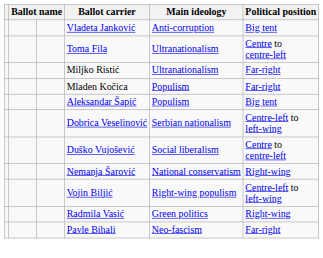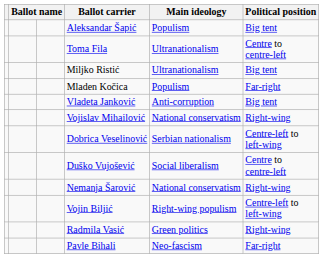 <table class="wikitable">
 <tr>
 <th></th>
 <th colspan="2">Ballot name</th>
 <th>Ballot carrier</th>
 <th>Main ideology</th>
 <th>Political position</th>
 </tr>
 <tr>
 <td></td>
 <td style="background:"></td>
 <td></td>
-<td><a href='#'>Vladeta Janković</a></td>
-<td><a href='#'>Anti-corruption</a></td>
+<td><a href='#'>Aleksandar Šapić</a></td>
+<td><a href='#'>Populism</a></td>
 <td><a href='#'>Big tent</a></td>
 </tr>
 <tr>
 <td></td>
 <td style="background:"></td>
 <td></td>
 <td><a href='#'>Toma Fila</a></td>
 <td><a href='#'>Ultranationalism</a></td>
 <td><a href='#'>Centre</a> to<br><a href='#'>centre-left</a></td>
 </tr>
 <tr>
 <td></td>
 <td style="background:"></td>
 <td></td>
 <td>Miljko Ristić</td>
 <td><a href='#'>Ultranationalism</a></td>
-<td><a href='#'>Far-right</a></td>
+<td><a href='#'>Big tent</a></td>
 </tr>
 <tr>
 <td></td>
 <td style="background:"></td>
 <td></td>
 <td>Mladen Kočica</td>
 <td><a href='#'>Populism</a></td>
 <td><a href='#'>Far-right</a></td>
 </tr>
 <tr>
 <td></td>
 <td style="background:"></td>
 <td></td>
-<td><a href='#'>Aleksandar Šapić</a></td>
-<td><a href='#'>Populism</a></td>
+<td><a href='#'>Vladeta Janković</a></td>
+<td><a href='#'>Anti-corruption</a></td>
 <td><a href='#'>Big tent</a></td>
+</tr>
+<tr>
+<td></td>
+<td style="background:"></td>
+<td></td>
+<td><a href='#'>Vojislav Mihailović</a></td>
+<td><a href='#'>National conservatism</a></td>
+<td><a href='#'>Right-wing</a></td>
 </tr>
 <tr>
 <td></td>
 <td style="background:"></td>
 <td></td>
 <td><a href='#'>Dobrica Veselinović</a></td>
 <td><a href='#'>Serbian nationalism</a></td>
 <td><a href='#'>Centre-left</a> to<br><a href='#'>left-wing</a></td>
 </tr>
 <tr>
 <td></td>
 <td style="background:"></td>
 <td></td>
 <td><a href='#'>Duško Vujošević</a></td>
 <td><a href='#'>Social liberalism</a></td>
 <td><a href='#'>Centre</a> to<br><a href='#'>centre-left</a></td>
 </tr>
 <tr>
 <td></td>
 <td style="background:"></td>
 <td></td>
 <td><a href='#'>Nemanja Šarović</a></td>
 <td><a href='#'>National conservatism</a></td>
 <td><a href='#'>Right-wing</a></td>
 </tr>
 <tr>
 <td></td>
 <td style="background:"></td>
 <td></td>
 <td><a href='#'>Vojin Biljić</a></td>
 <td><a href='#'>Right-wing populism</a></td>
 <td><a href='#'>Centre-left</a> to<br><a href='#'>left-wing</a></td>
 </tr>
 <tr>
 <td></td>
 <td style="background:"></td>
 <td></td>
 <td><a href='#'>Radmila Vasić</a></td>
 <td><a href='#'>Green politics</a></td>
 <td><a href='#'>Right-wing</a></td>
 </tr>
 <tr>
 <td></td>
 <td style="background:"></td>
 <td></td>
 <td><a href='#'>Pavle Bihali</a></td>
 <td><a href='#'>Neo-fascism</a></td>
 <td><a href='#'>Far-right</a></td>
 </tr>
 </table>
